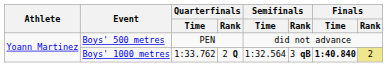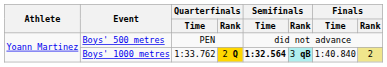 <table class="wikitable" style="font-size:90%;">
 <tr>
 <th rowspan=2>Athlete</th>
 <th rowspan=2>Event</th>
 <th colspan=2>Quarterfinals</th>
 <th colspan=2>Semifinals</th>
 <th colspan=2>Finals</th>
 </tr>
 <tr>
 <th>Time</th>
 <th>Rank</th>
 <th>Time</th>
 <th>Rank</th>
 <th>Time</th>
 <th>Rank</th>
 </tr>
 <tr>
 <td rowspan=2><a href='#'>Yoann Martinez</a></td>
 <td><a href='#'>Boys' 500 metres</a></td>
 <td align=center colspan=2>PEN</td>
 <td align=center colspan=4>did not advance</td>
 </tr>
 <tr>
 <td><a href='#'>Boys' 1000 metres</a></td>
 <td align=center>1:33.762</td>
-<td align=center>2 <strong>Q</strong></td>
-<td align=center>1:32.564</td>
-<td align=center>3 <strong>qB</strong></td>
-<td align=center><strong>1:40.840</strong></td>
+<td align=center style="background: gold;">2 <strong>Q</strong></td>
+<td align=center><strong>1:32.564</strong></td>
+<td align=center style="background: paleturquoise;">3 <strong>qB</strong></td>
+<td align=center>1:40.840</td>
 <td align=center style="background: khaki;">2</td>
 </tr>
 </table>
